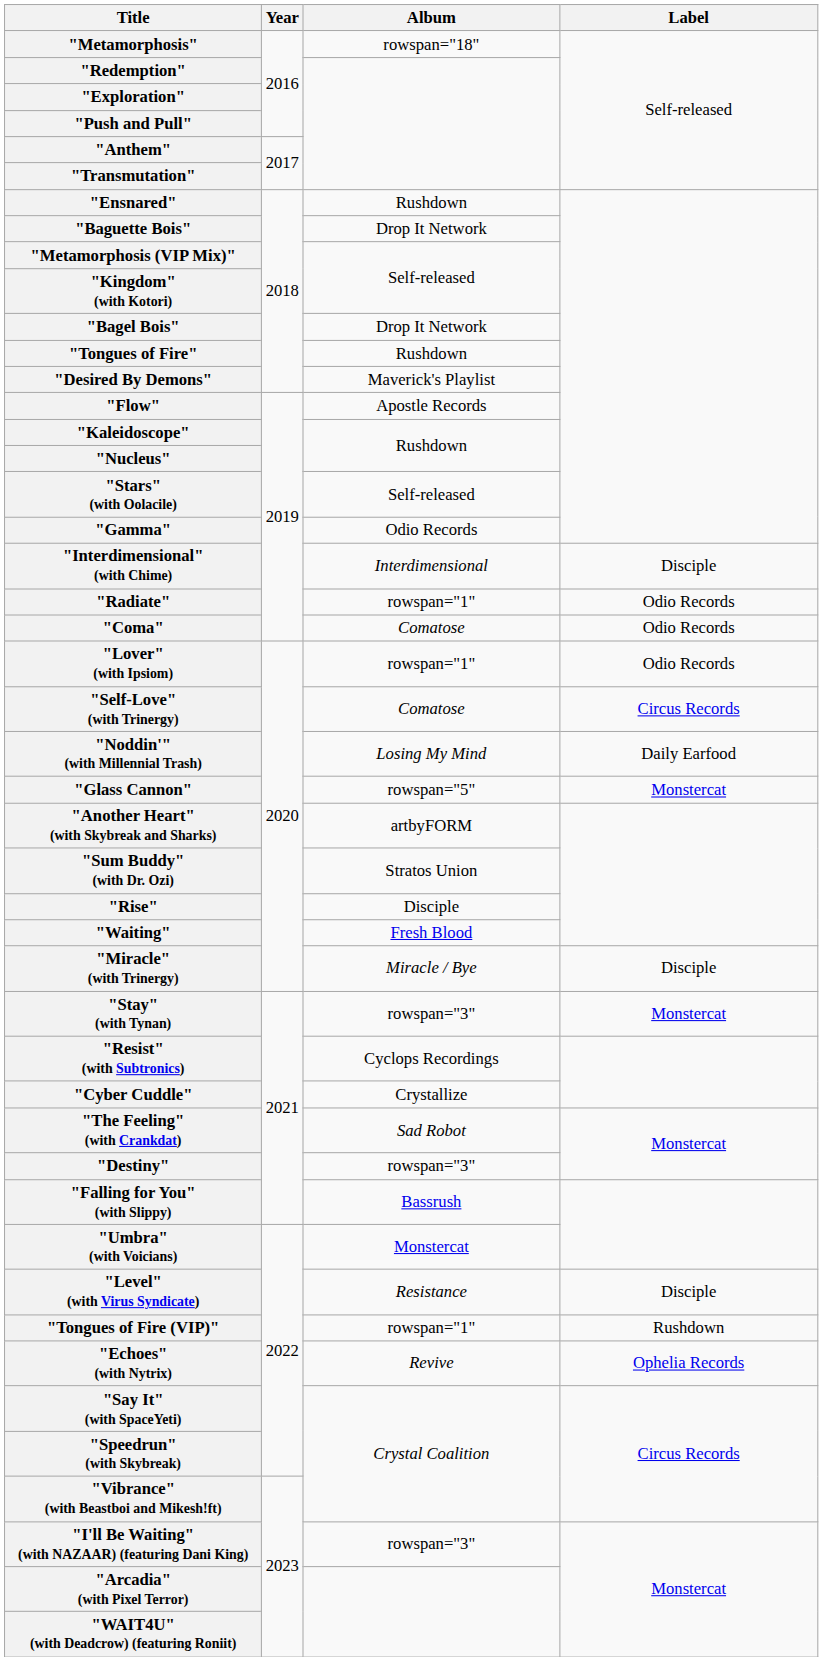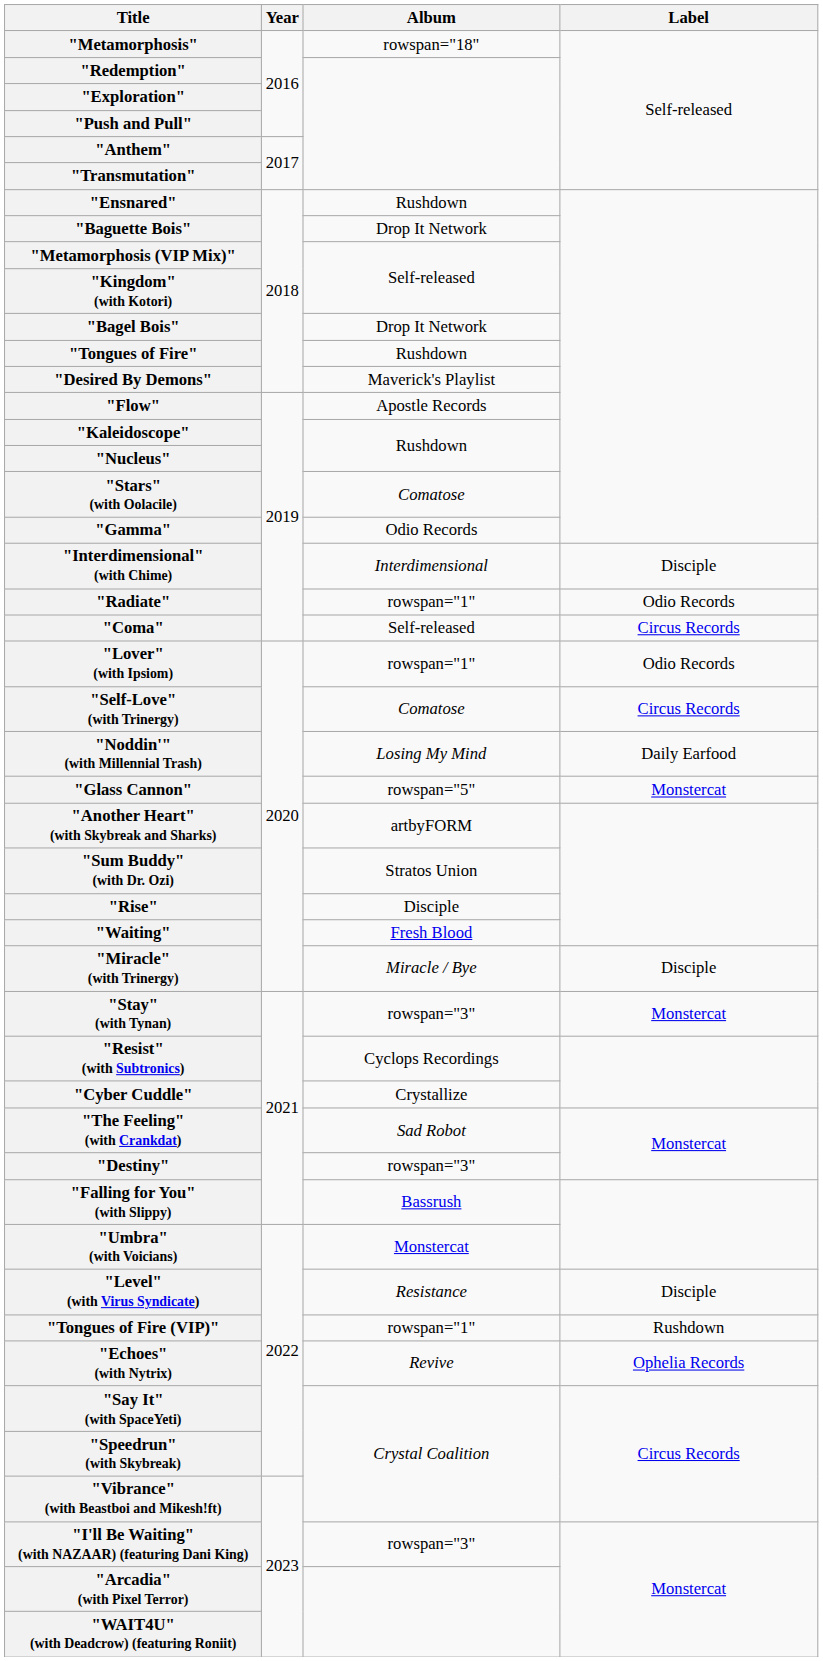 <table class="wikitable plainrowheaders" style="text-align:center;">
 <tr>
 <th rowspan="1" style="width:15em;">Title</th>
 <th rowspan="1">Year</th>
 <th rowspan="1" style="width:15em;">Album</th>
 <th rowspan="1" style="width:15em;">Label</th>
 </tr>
 <tr>
 <th scope="row">"Metamorphosis"</th>
 <td rowspan="4">2016</td>
 <td>rowspan="18" </td>
 <td rowspan="6">Self-released</td>
 </tr>
 <tr>
 <th scope="row">"Redemption"</th>
 </tr>
 <tr>
 <th scope="row">"Exploration"</th>
 </tr>
 <tr>
 <th scope="row">"Push and Pull"</th>
 </tr>
 <tr>
 <th scope="row">"Anthem"</th>
 <td rowspan="2">2017</td>
 </tr>
 <tr>
 <th scope="row">"Transmutation"</th>
 </tr>
 <tr>
 <th scope="row">"Ensnared"</th>
 <td rowspan="7">2018</td>
 <td rowspan="1">Rushdown</td>
 </tr>
 <tr>
 <th scope="row">"Baguette Bois"</th>
 <td rowspan="1">Drop It Network</td>
 </tr>
 <tr>
 <th scope="row">"Metamorphosis (VIP Mix)"</th>
 <td rowspan="2">Self-released</td>
 </tr>
 <tr>
 <th scope="row">"Kingdom"<br><small>(with Kotori)</small></th>
 </tr>
 <tr>
 <th scope="row">"Bagel Bois"</th>
 <td rowspan="1">Drop It Network</td>
 </tr>
 <tr>
 <th scope="row">"Tongues of Fire"</th>
 <td rowspan="1">Rushdown</td>
 </tr>
 <tr>
 <th scope="row">"Desired By Demons"</th>
 <td rowspan="1">Maverick's Playlist</td>
 </tr>
 <tr>
 <th scope="row">"Flow"</th>
 <td rowspan="8">2019</td>
 <td rowspan="1">Apostle Records</td>
 </tr>
 <tr>
 <th scope="row">"Kaleidoscope"</th>
 <td rowspan="2">Rushdown</td>
 </tr>
 <tr>
 <th scope="row">"Nucleus"</th>
 </tr>
 <tr>
 <th scope="row">"Stars"<br><small>(with Oolacile)</small></th>
-<td rowspan="1">Self-released</td>
+<td rowspan="1"><em>Comatose</em></td>
 </tr>
 <tr>
 <th scope="row">"Gamma"</th>
 <td rowspan="1">Odio Records</td>
 </tr>
 <tr>
 <th scope="row">"Interdimensional"<br><small>(with Chime)</small></th>
 <td rowspan="1"><em>Interdimensional</em> </td>
 <td rowspan="1">Disciple</td>
 </tr>
 <tr>
 <th scope="row">"Radiate"</th>
 <td>rowspan="1" </td>
 <td rowspan="1">Odio Records</td>
 </tr>
 <tr>
 <th scope="row">"Coma"</th>
-<td rowspan="1"><em>Comatose</em></td>
-<td rowspan="1">Odio Records</td>
+<td rowspan="1">Self-released</td>
+<td rowspan="1"><a href='#'>Circus Records</a></td>
 </tr>
 <tr>
 <th scope="row">"Lover"<br><small>(with Ipsiom)</small></th>
 <td rowspan="9">2020</td>
 <td>rowspan="1" </td>
 <td rowspan="1">Odio Records</td>
 </tr>
 <tr>
 <th scope="row">"Self-Love"<br><small>(with Trinergy)</small></th>
 <td rowspan="1"><em>Comatose</em></td>
 <td rowspan="1"><a href='#'>Circus Records</a></td>
 </tr>
 <tr>
 <th scope="row">"Noddin'"<br><small>(with Millennial Trash)</small></th>
 <td rowspan="1"><em>Losing My Mind</em> </td>
 <td rowspan="1">Daily Earfood</td>
 </tr>
 <tr>
 <th scope="row">"Glass Cannon"</th>
 <td>rowspan="5" </td>
 <td rowspan="1"><a href='#'>Monstercat</a></td>
 </tr>
 <tr>
 <th scope="row">"Another Heart"<br><small>(with Skybreak and Sharks)</small></th>
 <td rowspan="1">artbyFORM</td>
 </tr>
 <tr>
 <th scope="row">"Sum Buddy"<br><small>(with Dr. Ozi)</small></th>
 <td rowspan="1">Stratos Union</td>
 </tr>
 <tr>
 <th scope="row">"Rise"</th>
 <td rowspan="1">Disciple</td>
 </tr>
 <tr>
 <th scope="row">"Waiting"</th>
 <td rowspan="1"><a href='#'>Fresh Blood</a></td>
 </tr>
 <tr>
 <th scope="row">"Miracle"<br><small>(with Trinergy)</small></th>
 <td rowspan="1"><em>Miracle / Bye</em></td>
 <td rowspan="1">Disciple</td>
 </tr>
 <tr>
 <th scope="row">"Stay"<br><small>(with Tynan)</small></th>
 <td rowspan="6">2021</td>
 <td>rowspan="3" </td>
 <td rowspan="1"><a href='#'>Monstercat</a></td>
 </tr>
 <tr>
 <th scope="row">"Resist"<br><small>(with <a href='#'>Subtronics</a>)</small></th>
 <td rowspan="1">Cyclops Recordings</td>
 </tr>
 <tr>
 <th scope="row">"Cyber Cuddle"</th>
 <td rowspan="1">Crystallize</td>
 </tr>
 <tr>
 <th scope="row">"The Feeling"<br><small>(with <a href='#'>Crankdat</a>)</small></th>
 <td rowspan="1"><em>Sad Robot</em> </td>
 <td rowspan="2"><a href='#'>Monstercat</a></td>
 </tr>
 <tr>
 <th scope="row">"Destiny"</th>
 <td>rowspan="3" </td>
 </tr>
 <tr>
 <th scope="row">"Falling for You"<br><small>(with Slippy)</small></th>
 <td rowspan="1"><a href='#'>Bassrush</a></td>
 </tr>
 <tr>
 <th scope="row">"Umbra"<br><small>(with Voicians)</small></th>
 <td rowspan="6">2022</td>
 <td rowspan="1"><a href='#'>Monstercat</a></td>
 </tr>
 <tr>
 <th scope="row">"Level"<br><small>(with <a href='#'>Virus Syndicate</a>)</small></th>
 <td rowspan="1"><em>Resistance</em> </td>
 <td rowspan="1">Disciple</td>
 </tr>
 <tr>
 <th scope="row">"Tongues of Fire (VIP)"</th>
 <td>rowspan="1" </td>
 <td rowspan="1">Rushdown</td>
 </tr>
 <tr>
 <th scope="row">"Echoes"<br><small>(with Nytrix)</small></th>
 <td rowspan="1"><em>Revive</em></td>
 <td rowspan="1"><a href='#'>Ophelia Records</a></td>
 </tr>
 <tr>
 <th scope="row">"Say It"<br><small>(with SpaceYeti)</small></th>
 <td rowspan="3"><em>Crystal Coalition</em></td>
 <td rowspan="3"><a href='#'>Circus Records</a></td>
 </tr>
 <tr>
 <th scope="row">"Speedrun"<br><small>(with Skybreak)</small></th>
 </tr>
 <tr>
 <th scope="row">"Vibrance"<br><small>(with Beastboi and Mikesh!ft)</small></th>
 <td rowspan="4">2023</td>
 </tr>
 <tr>
 <th scope="row">"I'll Be Waiting"<br><small>(with NAZAAR) (featuring Dani King)</small></th>
 <td>rowspan="3" </td>
 <td rowspan="3"><a href='#'>Monstercat</a></td>
 </tr>
 <tr>
 <th scope="row">"Arcadia"<br><small>(with Pixel Terror)</small></th>
 </tr>
 <tr>
 <th scope="row">"WAIT4U"<br><small>(with Deadcrow) (featuring Roniit)</small></th>
 </tr>
 </table>
